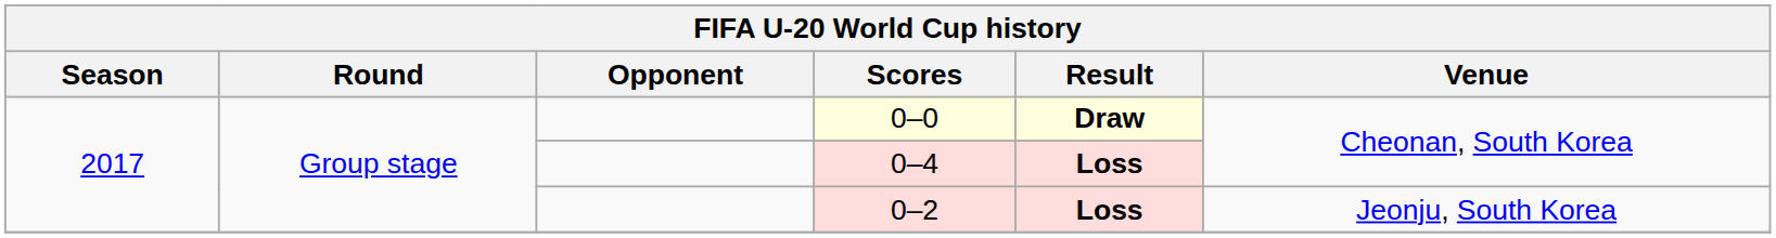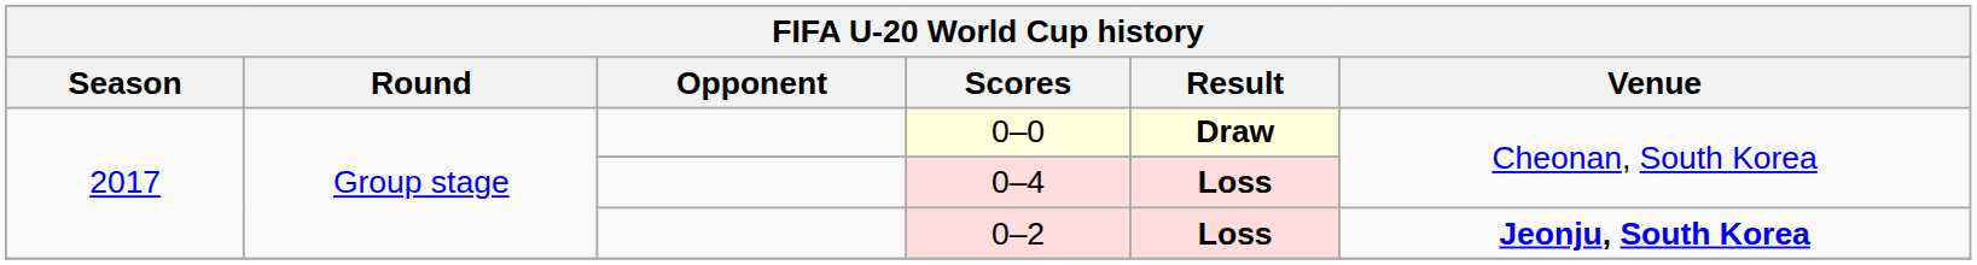 <table class="wikitable collapsible collapsed" style="text-align:center; font-size:90%; width:70%;">
 <tr>
 <th colspan="6">FIFA U-20 World Cup history</th>
 </tr>
 <tr>
 <th>Season</th>
 <th>Round</th>
 <th>Opponent</th>
 <th>Scores</th>
 <th>Result</th>
 <th>Venue</th>
 </tr>
 <tr>
 <td rowspan=3><a href='#'>2017</a></td>
 <td rowspan=3><a href='#'>Group stage</a></td>
 <td style="text-align:left"></td>
 <td style="background:#ffd;">0–0</td>
 <td style="background:#ffd;"><strong>Draw</strong></td>
 <td rowspan=2> <a href='#'>Cheonan</a>, <a href='#'>South Korea</a></td>
 </tr>
 <tr>
 <td style="text-align:left"></td>
 <td style="background:#fdd;">0–4</td>
 <td style="background:#fdd;"><strong>Loss</strong></td>
 </tr>
 <tr>
 <td style="text-align:left"></td>
 <td style="background:#fdd;">0–2</td>
 <td style="background:#fdd;"><strong>Loss</strong></td>
-<td rowspan=1> <a href='#'>Jeonju</a>, <a href='#'>South Korea</a></td>
+<td rowspan=1><strong> <a href='#'>Jeonju</a>, <a href='#'>South Korea</a></strong></td>
 </tr>
 <tr>
 </tr>
 </table>
